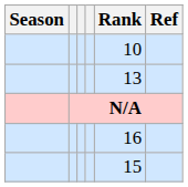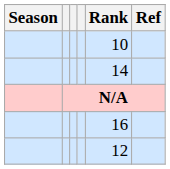 <table class="wikitable plainrowheaders sortable">
 <tr>
 <th scope=col>Season</th>
 <th scope=col></th>
 <th scope=col></th>
 <th scope=col></th>
 <th scope=col>Rank</th>
 <th scope=col class="unsortable">Ref</th>
 </tr>
 <tr style="background-color: #D0E7FF">
 <th scope=row style="background-color: #D0E7FF" align=right></th>
 <td align=right></td>
 <td align=right></td>
 <td align=right></td>
 <td align=right>10</td>
 <td align=center></td>
 </tr>
 <tr style="background-color: #D0E7FF">
 <th scope=row style="background-color: #D0E7FF" align=right></th>
 <td align=right></td>
 <td align=right></td>
 <td align=right></td>
-<td align=right>13</td>
+<td align=right>14</td>
 <td align=center></td>
 </tr>
 <tr style="background-color: #FFCCCC">
 <th scope=row style="background-color: #FFCCCC" align=right></th>
 <th colspan="5" style="background-color: #FFCCCC">N/A</th>
 </tr>
 <tr style="background-color: #D0E7FF">
 <th scope=row style="background-color: #D0E7FF" align=right></th>
 <td align=right></td>
 <td align=right></td>
 <td align=right></td>
 <td align=right>16</td>
 <td align=center></td>
 </tr>
 <tr style="background-color: #D0E7FF">
 <th scope=row style="background-color: #D0E7FF" align=right></th>
 <td align=right></td>
 <td align=right></td>
 <td align=right></td>
-<td align=right>15</td>
+<td align=right>12</td>
 <td align=center></td>
 </tr>
 </table>
